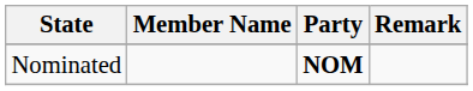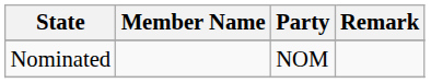 <table class="wikitable sortable">
 <tr>
 <th>State</th>
 <th>Member Name</th>
 <th>Party</th>
 <th>Remark</th>
 </tr>
 <tr>
 </tr>
 <tr>
 <td>Nominated</td>
 <td></td>
-<td><strong>NOM</strong></td>
+<td>NOM</td>
 <td></td>
 </tr>
 <tr>
 </tr>
 <tr>
 </tr>
 </table>
